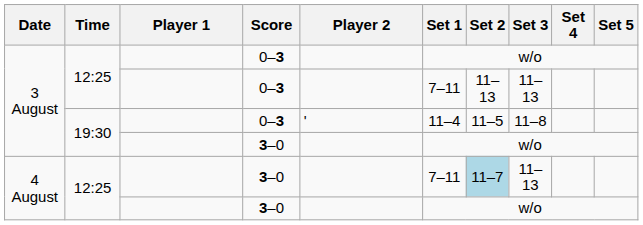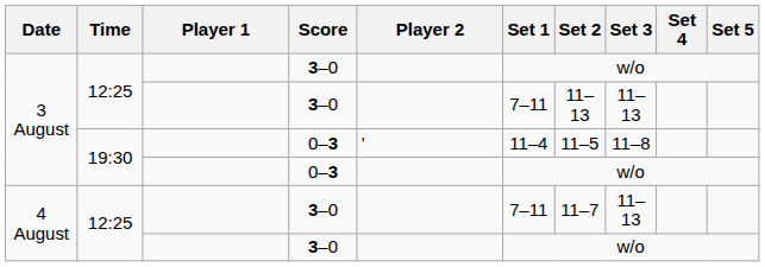 <table class="wikitable" style="text-align: center; font-size:90% ">
 <tr>
 <th width="60">Date</th>
 <th width="60">Time</th>
 <th align="right" width="200">Player 1</th>
 <th width="60">Score</th>
 <th align="left" width="200">Player 2</th>
 <th width="50">Set 1</th>
 <th width="50">Set 2</th>
 <th width="50">Set 3</th>
 <th width="50">Set 4</th>
 <th width="50">Set 5</th>
 </tr>
 <tr>
 <td rowspan=4>3 August</td>
 <td rowspan=2>12:25</td>
 <td align=left><strong></strong></td>
-<td align=center>0–<strong>3</strong></td>
+<td align=center><strong>3</strong>–0</td>
 <td align=left></td>
 <td colspan=5>w/o</td>
 </tr>
 <tr>
 <td align=left><strong></strong></td>
-<td align=center>0–<strong>3</strong></td>
+<td align=center><strong>3</strong>–0</td>
 <td align=left></td>
 <td>7–11</td>
 <td>11–13</td>
 <td>11–13</td>
 <td></td>
 <td></td>
 </tr>
 <tr>
 <td rowspan=2>19:30</td>
 <td align=left></td>
 <td align=center>0–<strong>3</strong></td>
 <td align=left><strong></strong>'</td>
 <td>11–4</td>
 <td>11–5</td>
 <td>11–8</td>
 <td></td>
 <td></td>
 </tr>
 <tr>
 <td align=left></td>
-<td align=center><strong>3</strong>–0</td>
+<td align=center>0–<strong>3</strong></td>
 <td align=left><strong></strong></td>
 <td colspan=5>w/o</td>
 </tr>
 <tr>
 <td rowspan=2>4 August</td>
 <td rowspan=2>12:25</td>
 <td align=left><strong></strong></td>
 <td align=center><strong>3</strong>–0</td>
 <td align=left></td>
 <td>7–11</td>
-<td style="background: lightblue;">11–7</td>
+<td>11–7</td>
 <td>11–13</td>
 <td></td>
 <td></td>
 </tr>
 <tr>
 <td align=left><strong></strong></td>
 <td align=center><strong>3</strong>–0</td>
 <td align=left></td>
 <td colspan=5>w/o</td>
 </tr>
 </table>
